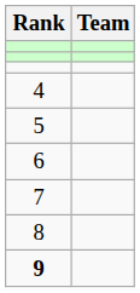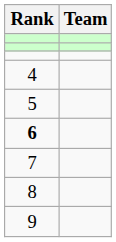 <table class="wikitable" style="text-align:center;">
 <tr>
 <th width=40>Rank</th>
 <th>Team</th>
 </tr>
 <tr bgcolor=#ccffcc>
 <td></td>
 <td style="text-align:left;"></td>
 </tr>
 <tr bgcolor=#ccffcc>
 <td></td>
 <td style="text-align:left;"></td>
 </tr>
 <tr>
 <td></td>
 <td style="text-align:left;"></td>
 </tr>
 <tr>
 <td>4</td>
 <td style="text-align:left;"></td>
 </tr>
 <tr>
 <td>5</td>
 <td style="text-align:left;"></td>
 </tr>
 <tr>
-<td>6</td>
+<td><strong>6</strong></td>
 <td style="text-align:left;"></td>
 </tr>
 <tr>
 <td>7</td>
 <td style="text-align:left;"></td>
 </tr>
 <tr>
 <td>8</td>
 <td style="text-align:left;"></td>
 </tr>
 <tr>
-<td><strong>9</strong></td>
+<td>9</td>
 <td style="text-align:left;"></td>
 </tr>
 </table>
